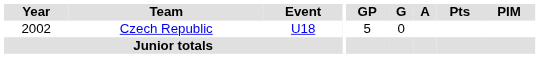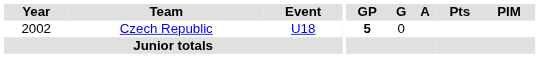 <table border="0" cellpadding="1" cellspacing="0" ID="Table3" style="text-align:center; width:40em">
 <tr ALIGN="center" bgcolor="#e0e0e0">
 <th>Year</th>
 <th>Team</th>
 <th>Event</th>
 <th rowspan="99" bgcolor="#ffffff"></th>
 <th>GP</th>
 <th>G</th>
 <th>A</th>
 <th>Pts</th>
 <th>PIM</th>
 </tr>
 <tr>
 <td>2002</td>
 <td><a href='#'>Czech Republic</a></td>
 <td><a href='#'>U18</a></td>
-<td>5</td>
+<td><strong>5</strong></td>
 <td>0</td>
 <td></td>
 <td></td>
 <td></td>
 </tr>
 <tr bgcolor="#e0e0e0">
 <th colspan="3">Junior totals</th>
 <th></th>
 <th></th>
 <th></th>
 <th></th>
 <th></th>
 </tr>
 </table>
